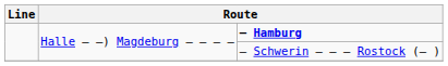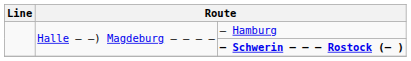 <table class="wikitable">
 <tr>
 <th>Line</th>
 <th colspan="2">Route</th>
 </tr>
 <tr>
 <td rowspan="2"></td>
 <td rowspan="2"> <a href='#'>Halle</a> –  –) <a href='#'>Magdeburg</a> –  –   –  –</td>
-<td><strong>– <a href='#'>Hamburg</a></strong></td>
+<td>– <a href='#'>Hamburg</a></td>
 </tr>
 <tr>
-<td>– <a href='#'>Schwerin</a> –  –  – <a href='#'>Rostock</a> (– )</td>
+<td><strong>– <a href='#'>Schwerin</a> –  –  – <a href='#'>Rostock</a> (– )</strong></td>
 </tr>
 <tr>
 </tr>
 </table>
